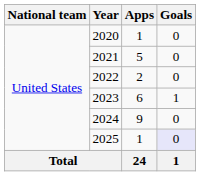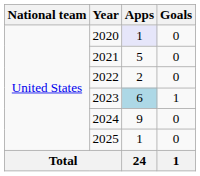 <table class="wikitable" style="text-align:center">
 <tr>
 <th>National team</th>
 <th>Year</th>
 <th>Apps</th>
 <th>Goals</th>
 </tr>
 <tr>
 <td rowspan="6"><a href='#'>United States</a></td>
 <td>2020</td>
-<td>1</td>
+<td style="background: lavender;">1</td>
 <td>0</td>
 </tr>
 <tr>
 <td>2021</td>
 <td>5</td>
 <td>0</td>
 </tr>
 <tr>
 <td>2022</td>
 <td>2</td>
 <td>0</td>
 </tr>
 <tr>
 <td>2023</td>
-<td>6</td>
+<td style="background: lightblue;">6</td>
 <td>1</td>
 </tr>
 <tr>
 <td>2024</td>
 <td>9</td>
 <td>0</td>
 </tr>
 <tr>
 <td>2025</td>
 <td>1</td>
-<td style="background: lavender;">0</td>
+<td>0</td>
 </tr>
 <tr>
 <th colspan="2">Total</th>
 <th>24</th>
 <th>1</th>
 </tr>
 </table>
